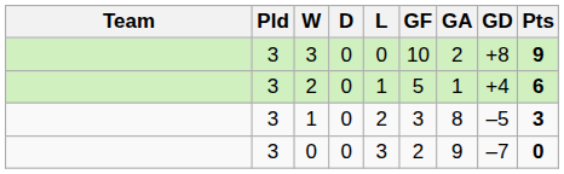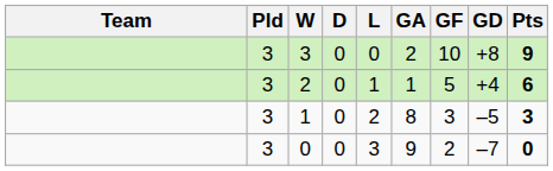 <table class="wikitable" style="text-align: center;">
 <tr>
 <th width=185>Team</th>
 <th width=20>Pld</th>
 <th width=20>W</th>
 <th width=20>D</th>
 <th width=20>L</th>
+<th width=20>GA</th>
 <th width=20>GF</th>
-<th width=20>GA</th>
 <th width=20>GD</th>
 <th width=20>Pts</th>
 </tr>
 <tr bgcolor="#D0F0C0">
 <td align="left"></td>
 <td>3</td>
 <td>3</td>
 <td>0</td>
 <td>0</td>
+<td>2</td>
 <td>10</td>
-<td>2</td>
 <td>+8</td>
 <td><strong>9</strong></td>
 </tr>
 <tr bgcolor="#D0F0C0">
 <td align="left"></td>
 <td>3</td>
 <td>2</td>
 <td>0</td>
 <td>1</td>
+<td>1</td>
 <td>5</td>
-<td>1</td>
 <td>+4</td>
 <td><strong>6</strong></td>
 </tr>
 <tr>
 <td align="left"></td>
 <td>3</td>
 <td>1</td>
 <td>0</td>
 <td>2</td>
+<td>8</td>
 <td>3</td>
-<td>8</td>
 <td>–5</td>
 <td><strong>3</strong></td>
 </tr>
 <tr>
 <td align="left"></td>
 <td>3</td>
 <td>0</td>
 <td>0</td>
 <td>3</td>
+<td>9</td>
 <td>2</td>
-<td>9</td>
 <td>–7</td>
 <td><strong>0</strong></td>
 </tr>
 </table>
